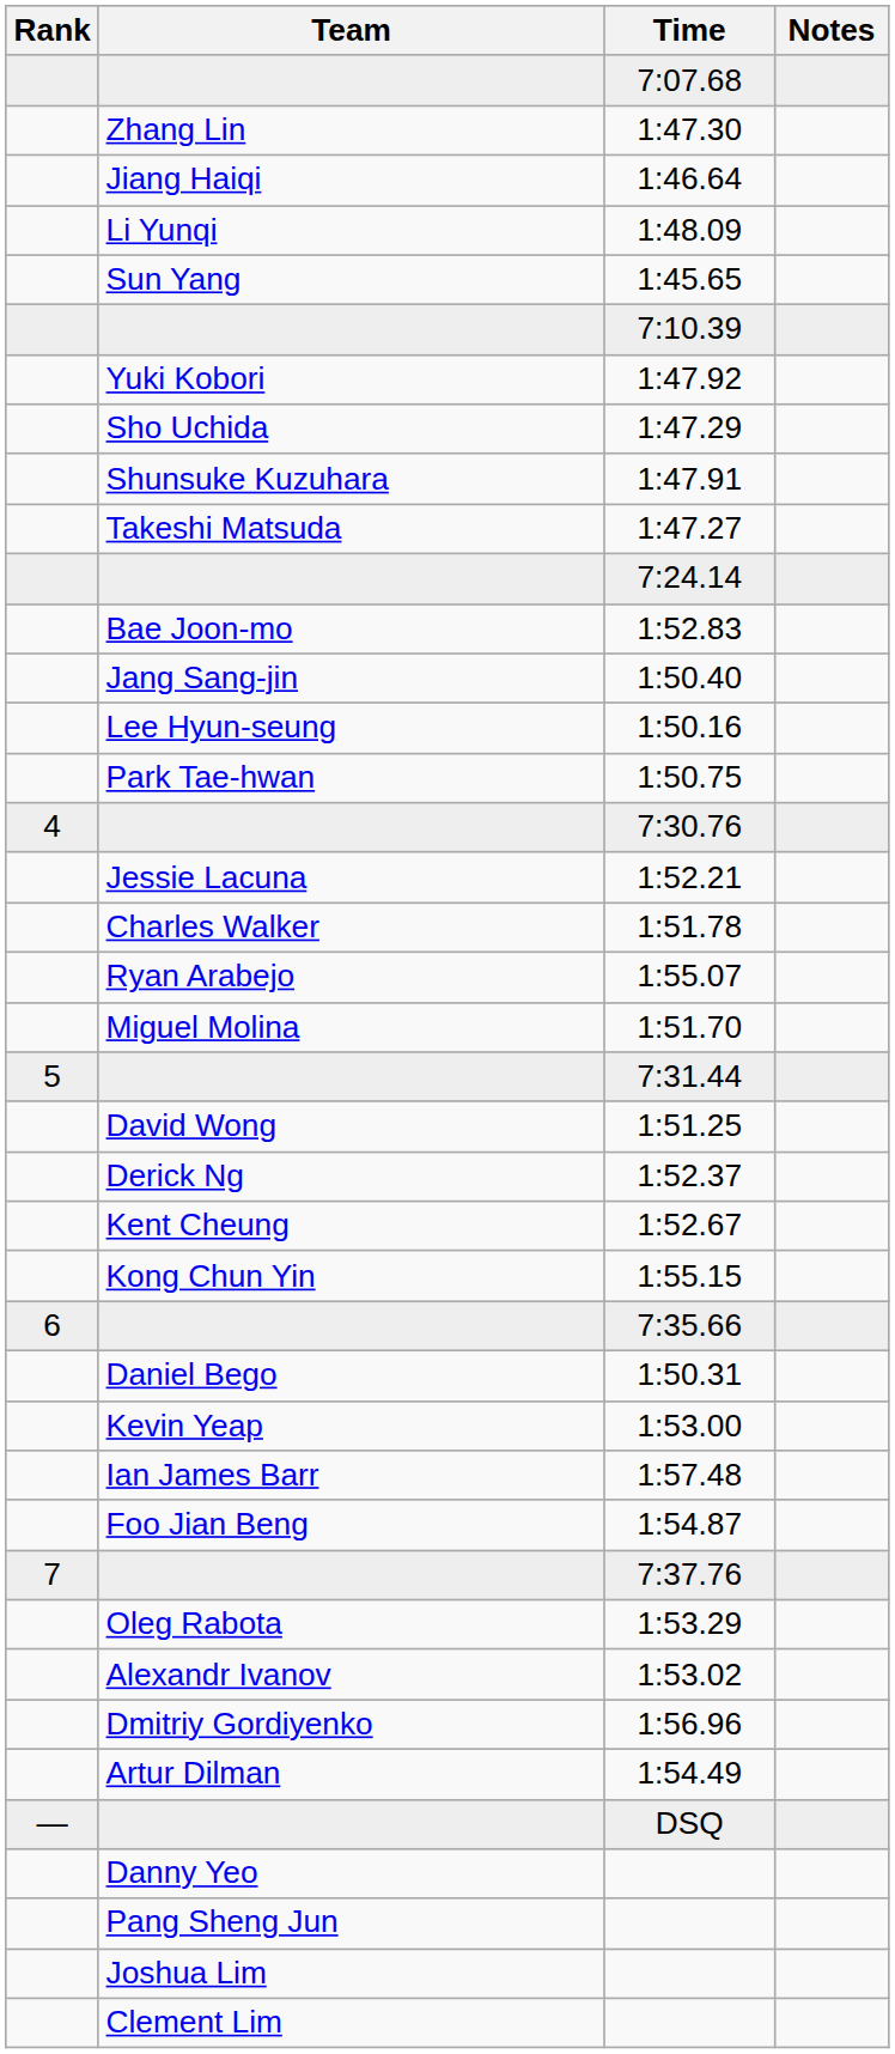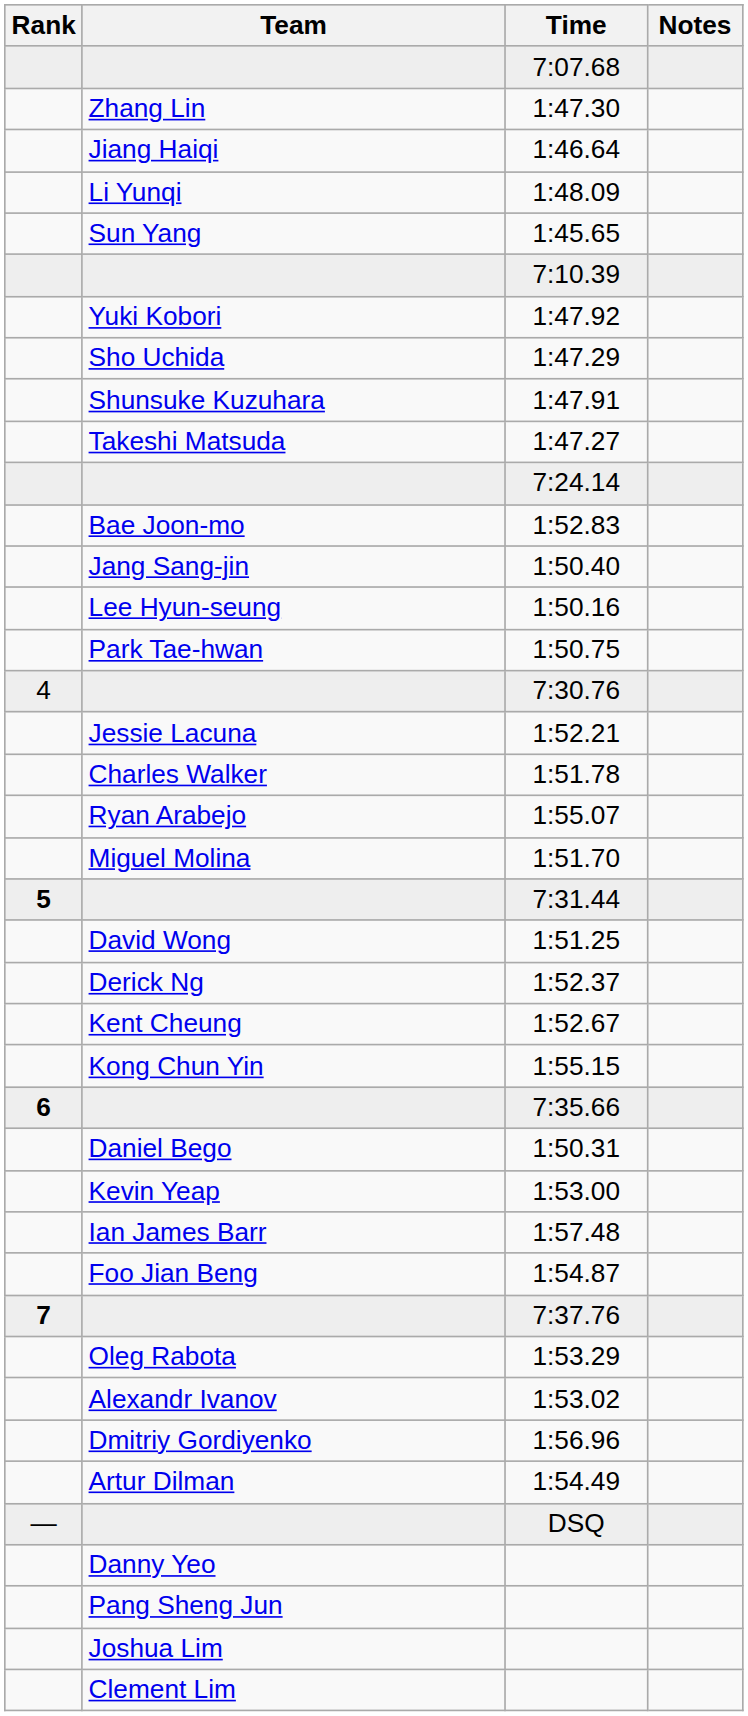 <table class="wikitable" style="text-align:center">
 <tr>
 <th width=40>Rank</th>
 <th width=250>Team</th>
 <th width=80>Time</th>
 <th width=50>Notes</th>
 </tr>
 <tr bgcolor=eeeeee>
 <td></td>
 <td align=left></td>
 <td>7:07.68</td>
 <td></td>
 </tr>
 <tr>
 <td></td>
 <td align=left><a href='#'>Zhang Lin</a></td>
 <td>1:47.30</td>
 <td></td>
 </tr>
 <tr>
 <td></td>
 <td align=left><a href='#'>Jiang Haiqi</a></td>
 <td>1:46.64</td>
 <td></td>
 </tr>
 <tr>
 <td></td>
 <td align=left><a href='#'>Li Yunqi</a></td>
 <td>1:48.09</td>
 <td></td>
 </tr>
 <tr>
 <td></td>
 <td align=left><a href='#'>Sun Yang</a></td>
 <td>1:45.65</td>
 <td></td>
 </tr>
 <tr bgcolor=eeeeee>
 <td></td>
 <td align=left></td>
 <td>7:10.39</td>
 <td></td>
 </tr>
 <tr>
 <td></td>
 <td align=left><a href='#'>Yuki Kobori</a></td>
 <td>1:47.92</td>
 <td></td>
 </tr>
 <tr>
 <td></td>
 <td align=left><a href='#'>Sho Uchida</a></td>
 <td>1:47.29</td>
 <td></td>
 </tr>
 <tr>
 <td></td>
 <td align=left><a href='#'>Shunsuke Kuzuhara</a></td>
 <td>1:47.91</td>
 <td></td>
 </tr>
 <tr>
 <td></td>
 <td align=left><a href='#'>Takeshi Matsuda</a></td>
 <td>1:47.27</td>
 <td></td>
 </tr>
 <tr bgcolor=eeeeee>
 <td></td>
 <td align=left></td>
 <td>7:24.14</td>
 <td></td>
 </tr>
 <tr>
 <td></td>
 <td align=left><a href='#'>Bae Joon-mo</a></td>
 <td>1:52.83</td>
 <td></td>
 </tr>
 <tr>
 <td></td>
 <td align=left><a href='#'>Jang Sang-jin</a></td>
 <td>1:50.40</td>
 <td></td>
 </tr>
 <tr>
 <td></td>
 <td align=left><a href='#'>Lee Hyun-seung</a></td>
 <td>1:50.16</td>
 <td></td>
 </tr>
 <tr>
 <td></td>
 <td align=left><a href='#'>Park Tae-hwan</a></td>
 <td>1:50.75</td>
 <td></td>
 </tr>
 <tr bgcolor=eeeeee>
 <td>4</td>
 <td align=left></td>
 <td>7:30.76</td>
 <td></td>
 </tr>
 <tr>
 <td></td>
 <td align=left><a href='#'>Jessie Lacuna</a></td>
 <td>1:52.21</td>
 <td></td>
 </tr>
 <tr>
 <td></td>
 <td align=left><a href='#'>Charles Walker</a></td>
 <td>1:51.78</td>
 <td></td>
 </tr>
 <tr>
 <td></td>
 <td align=left><a href='#'>Ryan Arabejo</a></td>
 <td>1:55.07</td>
 <td></td>
 </tr>
 <tr>
 <td></td>
 <td align=left><a href='#'>Miguel Molina</a></td>
 <td>1:51.70</td>
 <td></td>
 </tr>
 <tr bgcolor=eeeeee>
-<td>5</td>
+<td><strong>5</strong></td>
 <td align=left></td>
 <td>7:31.44</td>
 <td></td>
 </tr>
 <tr>
 <td></td>
 <td align=left><a href='#'>David Wong</a></td>
 <td>1:51.25</td>
 <td></td>
 </tr>
 <tr>
 <td></td>
 <td align=left><a href='#'>Derick Ng</a></td>
 <td>1:52.37</td>
 <td></td>
 </tr>
 <tr>
 <td></td>
 <td align=left><a href='#'>Kent Cheung</a></td>
 <td>1:52.67</td>
 <td></td>
 </tr>
 <tr>
 <td></td>
 <td align=left><a href='#'>Kong Chun Yin</a></td>
 <td>1:55.15</td>
 <td></td>
 </tr>
 <tr bgcolor=eeeeee>
-<td>6</td>
+<td><strong>6</strong></td>
 <td align=left></td>
 <td>7:35.66</td>
 <td></td>
 </tr>
 <tr>
 <td></td>
 <td align=left><a href='#'>Daniel Bego</a></td>
 <td>1:50.31</td>
 <td></td>
 </tr>
 <tr>
 <td></td>
 <td align=left><a href='#'>Kevin Yeap</a></td>
 <td>1:53.00</td>
 <td></td>
 </tr>
 <tr>
 <td></td>
 <td align=left><a href='#'>Ian James Barr</a></td>
 <td>1:57.48</td>
 <td></td>
 </tr>
 <tr>
 <td></td>
 <td align=left><a href='#'>Foo Jian Beng</a></td>
 <td>1:54.87</td>
 <td></td>
 </tr>
 <tr bgcolor=eeeeee>
-<td>7</td>
+<td><strong>7</strong></td>
 <td align=left></td>
 <td>7:37.76</td>
 <td></td>
 </tr>
 <tr>
 <td></td>
 <td align=left><a href='#'>Oleg Rabota</a></td>
 <td>1:53.29</td>
 <td></td>
 </tr>
 <tr>
 <td></td>
 <td align=left><a href='#'>Alexandr Ivanov</a></td>
 <td>1:53.02</td>
 <td></td>
 </tr>
 <tr>
 <td></td>
 <td align=left><a href='#'>Dmitriy Gordiyenko</a></td>
 <td>1:56.96</td>
 <td></td>
 </tr>
 <tr>
 <td></td>
 <td align=left><a href='#'>Artur Dilman</a></td>
 <td>1:54.49</td>
 <td></td>
 </tr>
 <tr bgcolor=eeeeee>
 <td>—</td>
 <td align=left></td>
 <td>DSQ</td>
 <td></td>
 </tr>
 <tr>
 <td></td>
 <td align=left><a href='#'>Danny Yeo</a></td>
 <td></td>
 <td></td>
 </tr>
 <tr>
 <td></td>
 <td align=left><a href='#'>Pang Sheng Jun</a></td>
 <td></td>
 <td></td>
 </tr>
 <tr>
 <td></td>
 <td align=left><a href='#'>Joshua Lim</a></td>
 <td></td>
 <td></td>
 </tr>
 <tr>
 <td></td>
 <td align=left><a href='#'>Clement Lim</a></td>
 <td></td>
 <td></td>
 </tr>
 </table>
